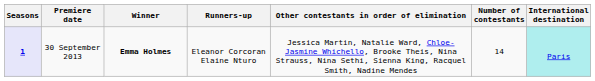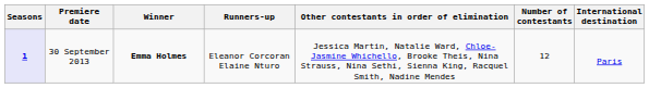 <table class="wikitable" style="font-size:90%; text-align: center;">
 <tr>
 <th width="50">Seasons</th>
 <th width="90">Premiere date</th>
 <th width="120">Winner</th>
 <th width="120">Runners-up</th>
 <th width="300">Other contestants in order of elimination</th>
 <th width="30">Number of contestants</th>
 <th width="30">International destination</th>
 </tr>
 <tr>
 <td style="background: lavender;"><strong><a href='#'>1</a></strong></td>
 <td>30 September 2013</td>
 <td><strong>Emma Holmes</strong></td>
 <td><br>Eleanor Corcoran<br> Elaine Nturo</td>
 <td><br>Jessica Martin,  Natalie Ward,  <a href='#'>Chloe-Jasmine Whichello</a>,  Brooke Theis,  Nina Strauss,  Nina Sethi,  Sienna King,  Racquel Smith,  Nadine Mendes</td>
-<td>14</td>
-<td style="background: paleturquoise;"><br><a href='#'>Paris</a></td>
+<td>12</td>
+<td><br><a href='#'>Paris</a></td>
 </tr>
 </table>
